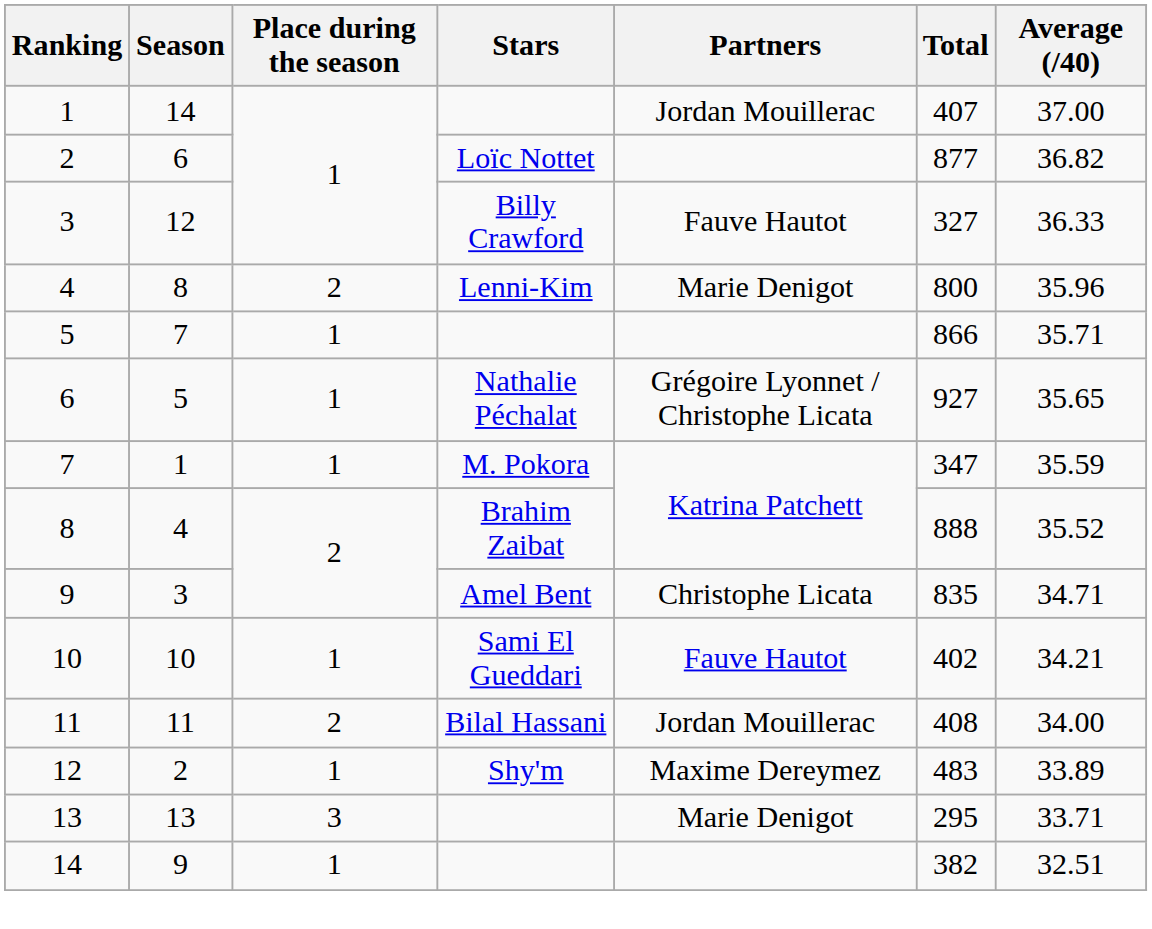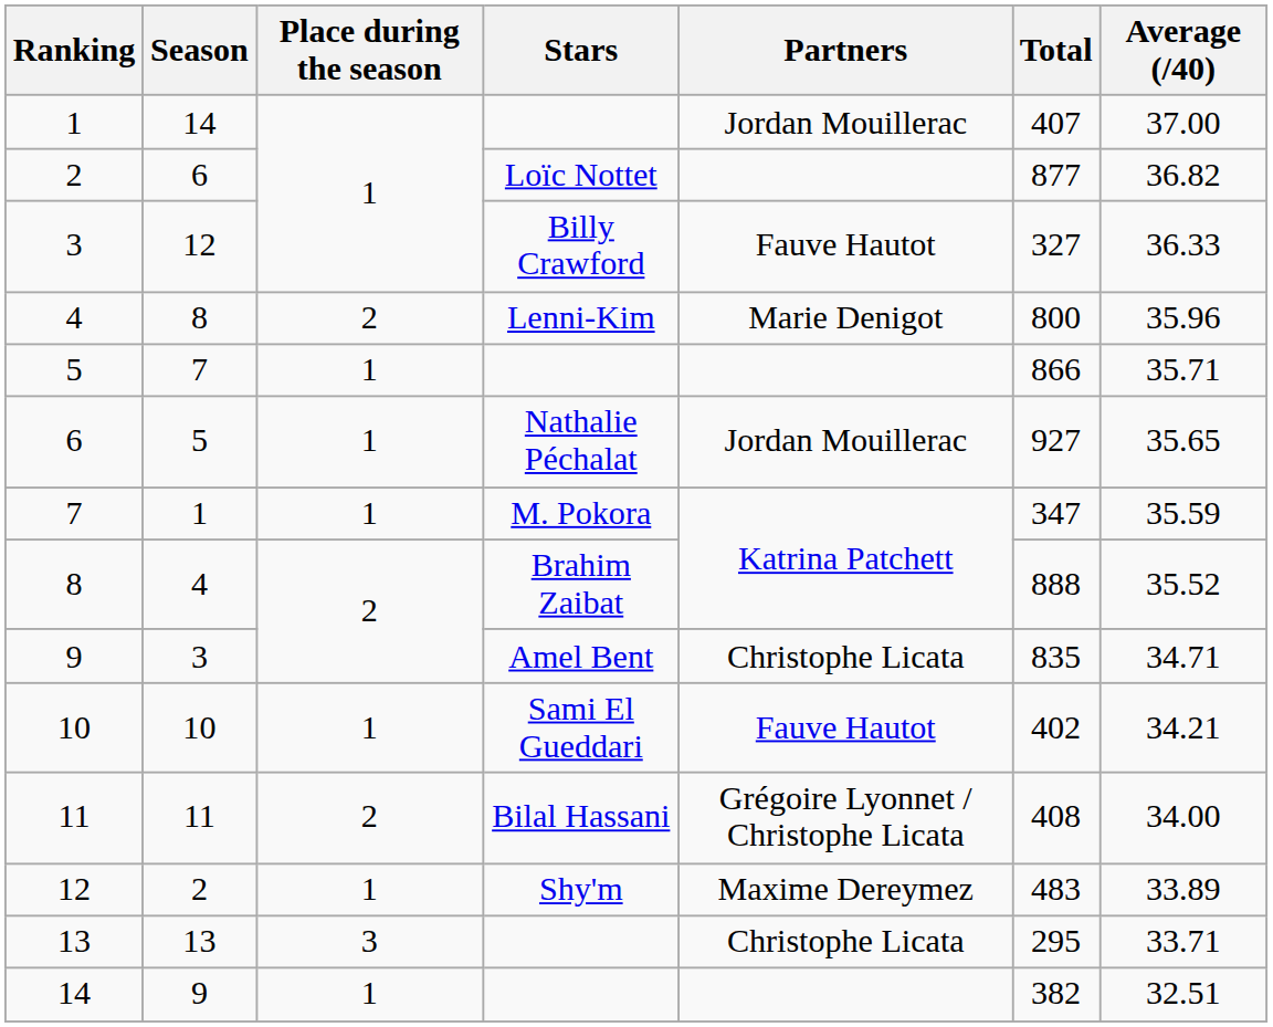 <table class="wikitable collapsible collapsed" style="text-align: center; width:auto">
 <tr>
 <th>Ranking</th>
 <th>Season</th>
 <th>Place during the season</th>
 <th>Stars</th>
 <th>Partners</th>
 <th>Total</th>
 <th>Average (/40)</th>
 </tr>
 <tr>
 <td>1</td>
 <td>14</td>
 <td rowspan="3">1</td>
 <td></td>
 <td>Jordan Mouillerac</td>
 <td>407</td>
 <td>37.00</td>
 </tr>
 <tr>
 <td>2</td>
 <td>6</td>
 <td><a href='#'>Loïc Nottet</a></td>
 <td></td>
 <td>877</td>
 <td>36.82</td>
 </tr>
 <tr>
 <td>3</td>
 <td>12</td>
 <td><a href='#'>Billy Crawford</a></td>
 <td>Fauve Hautot</td>
 <td>327</td>
 <td>36.33</td>
 </tr>
 <tr>
 <td>4</td>
 <td>8</td>
 <td>2</td>
 <td><a href='#'>Lenni-Kim</a></td>
 <td>Marie Denigot</td>
 <td>800</td>
 <td>35.96</td>
 </tr>
 <tr>
 <td>5</td>
 <td>7</td>
 <td>1</td>
 <td></td>
 <td></td>
 <td>866</td>
 <td>35.71</td>
 </tr>
 <tr>
 <td>6</td>
 <td>5</td>
 <td>1</td>
 <td><a href='#'>Nathalie Péchalat</a></td>
-<td>Grégoire Lyonnet / Christophe Licata</td>
+<td>Jordan Mouillerac</td>
 <td>927</td>
 <td>35.65</td>
 </tr>
 <tr>
 <td>7</td>
 <td>1</td>
 <td>1</td>
 <td><a href='#'>M. Pokora</a></td>
 <td rowspan=2><a href='#'>Katrina Patchett</a></td>
 <td>347</td>
 <td>35.59</td>
 </tr>
 <tr>
 <td>8</td>
 <td>4</td>
 <td rowspan="2">2</td>
 <td><a href='#'>Brahim Zaibat</a></td>
 <td>888</td>
 <td>35.52</td>
 </tr>
 <tr>
 <td>9</td>
 <td>3</td>
 <td><a href='#'>Amel Bent</a></td>
 <td>Christophe Licata</td>
 <td>835</td>
 <td>34.71</td>
 </tr>
 <tr>
 <td>10</td>
 <td>10</td>
 <td>1</td>
 <td><a href='#'>Sami El Gueddari</a></td>
 <td><a href='#'>Fauve Hautot</a></td>
 <td>402</td>
 <td>34.21</td>
 </tr>
 <tr>
 <td>11</td>
 <td>11</td>
 <td>2</td>
 <td><a href='#'>Bilal Hassani</a></td>
-<td>Jordan Mouillerac</td>
+<td>Grégoire Lyonnet / Christophe Licata</td>
 <td>408</td>
 <td>34.00</td>
 </tr>
 <tr>
 <td>12</td>
 <td>2</td>
 <td>1</td>
 <td><a href='#'>Shy'm</a></td>
 <td>Maxime Dereymez</td>
 <td>483</td>
 <td>33.89</td>
 </tr>
 <tr>
 <td>13</td>
 <td>13</td>
 <td>3</td>
 <td></td>
-<td>Marie Denigot</td>
+<td>Christophe Licata</td>
 <td>295</td>
 <td>33.71</td>
 </tr>
 <tr>
 <td>14</td>
 <td>9</td>
 <td>1</td>
 <td></td>
 <td></td>
 <td>382</td>
 <td>32.51</td>
 </tr>
 <tr>
 </tr>
 </table>
